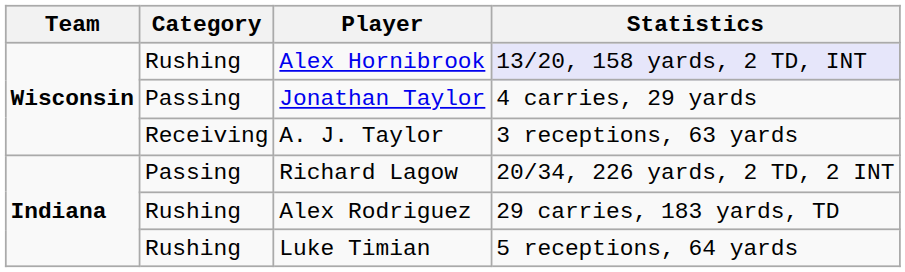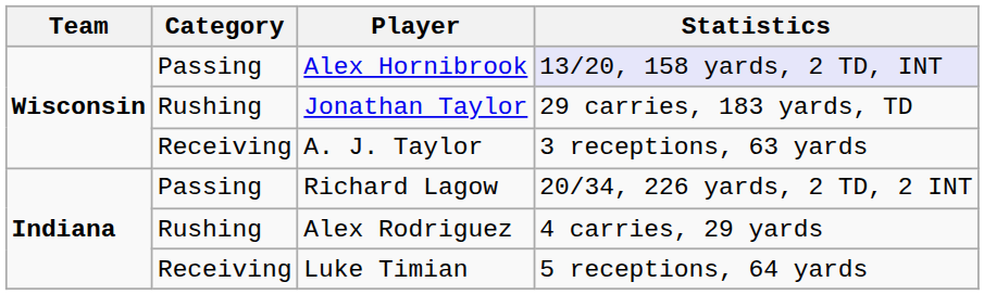 <table class="wikitable" style="float: right;">
 <tr>
 <th>Team</th>
 <th>Category</th>
 <th>Player</th>
 <th>Statistics</th>
 </tr>
 <tr>
 <td rowspan=3><strong>Wisconsin</strong></td>
-<td>Rushing</td>
+<td>Passing</td>
 <td><a href='#'>Alex Hornibrook</a></td>
 <td style="background: lavender;">13/20, 158 yards, 2 TD, INT</td>
 </tr>
 <tr>
-<td>Passing</td>
+<td>Rushing</td>
 <td><a href='#'>Jonathan Taylor</a></td>
-<td>4 carries, 29 yards</td>
+<td>29 carries, 183 yards, TD</td>
 </tr>
 <tr>
 <td>Receiving</td>
 <td>A. J. Taylor</td>
 <td>3 receptions, 63 yards</td>
 </tr>
 <tr>
 <td rowspan=3><strong>Indiana</strong></td>
 <td>Passing</td>
 <td>Richard Lagow</td>
 <td>20/34, 226 yards, 2 TD, 2 INT</td>
 </tr>
 <tr>
 <td>Rushing</td>
 <td>Alex Rodriguez</td>
-<td>29 carries, 183 yards, TD</td>
+<td>4 carries, 29 yards</td>
 </tr>
 <tr>
-<td>Rushing</td>
+<td>Receiving</td>
 <td>Luke Timian</td>
 <td>5 receptions, 64 yards</td>
 </tr>
 </table>
